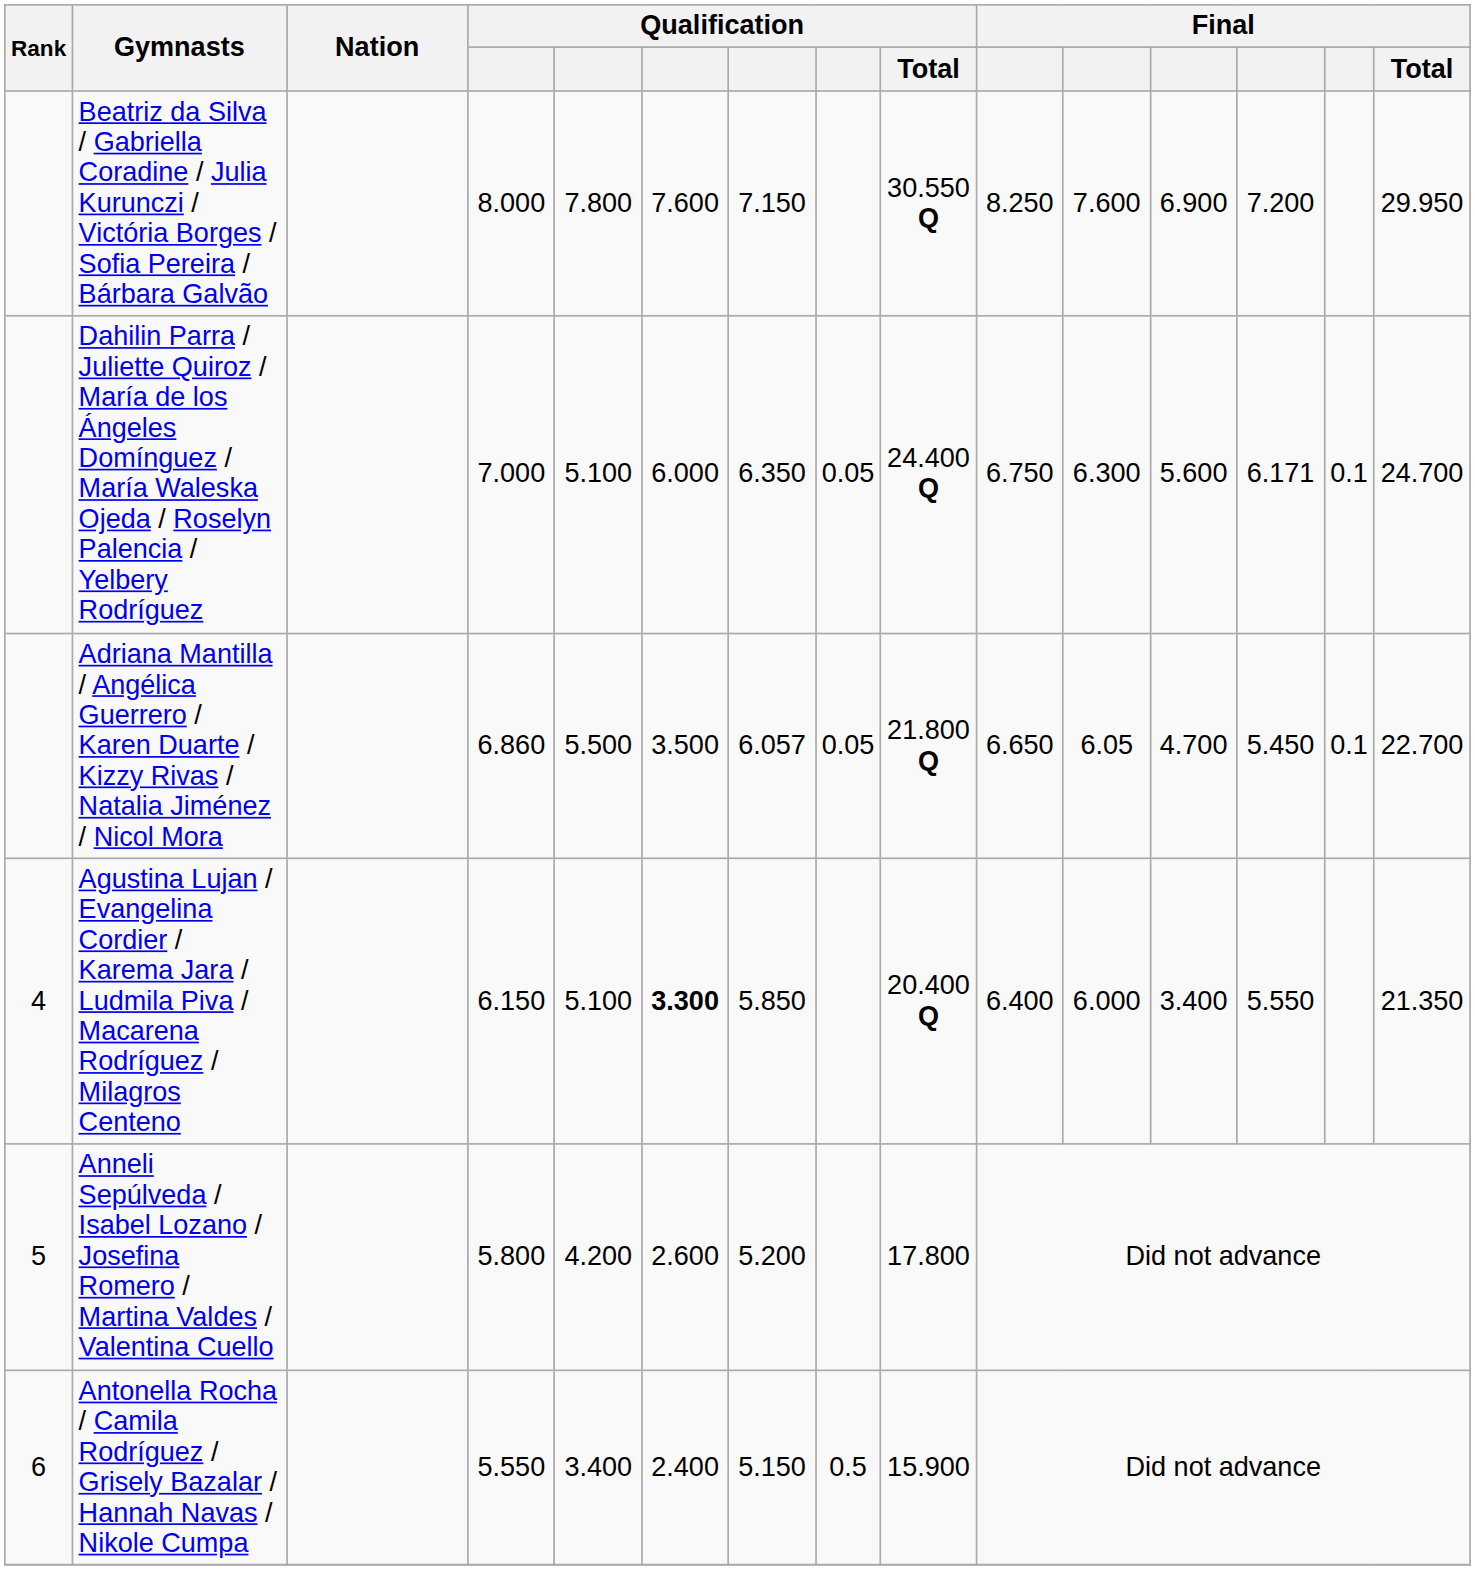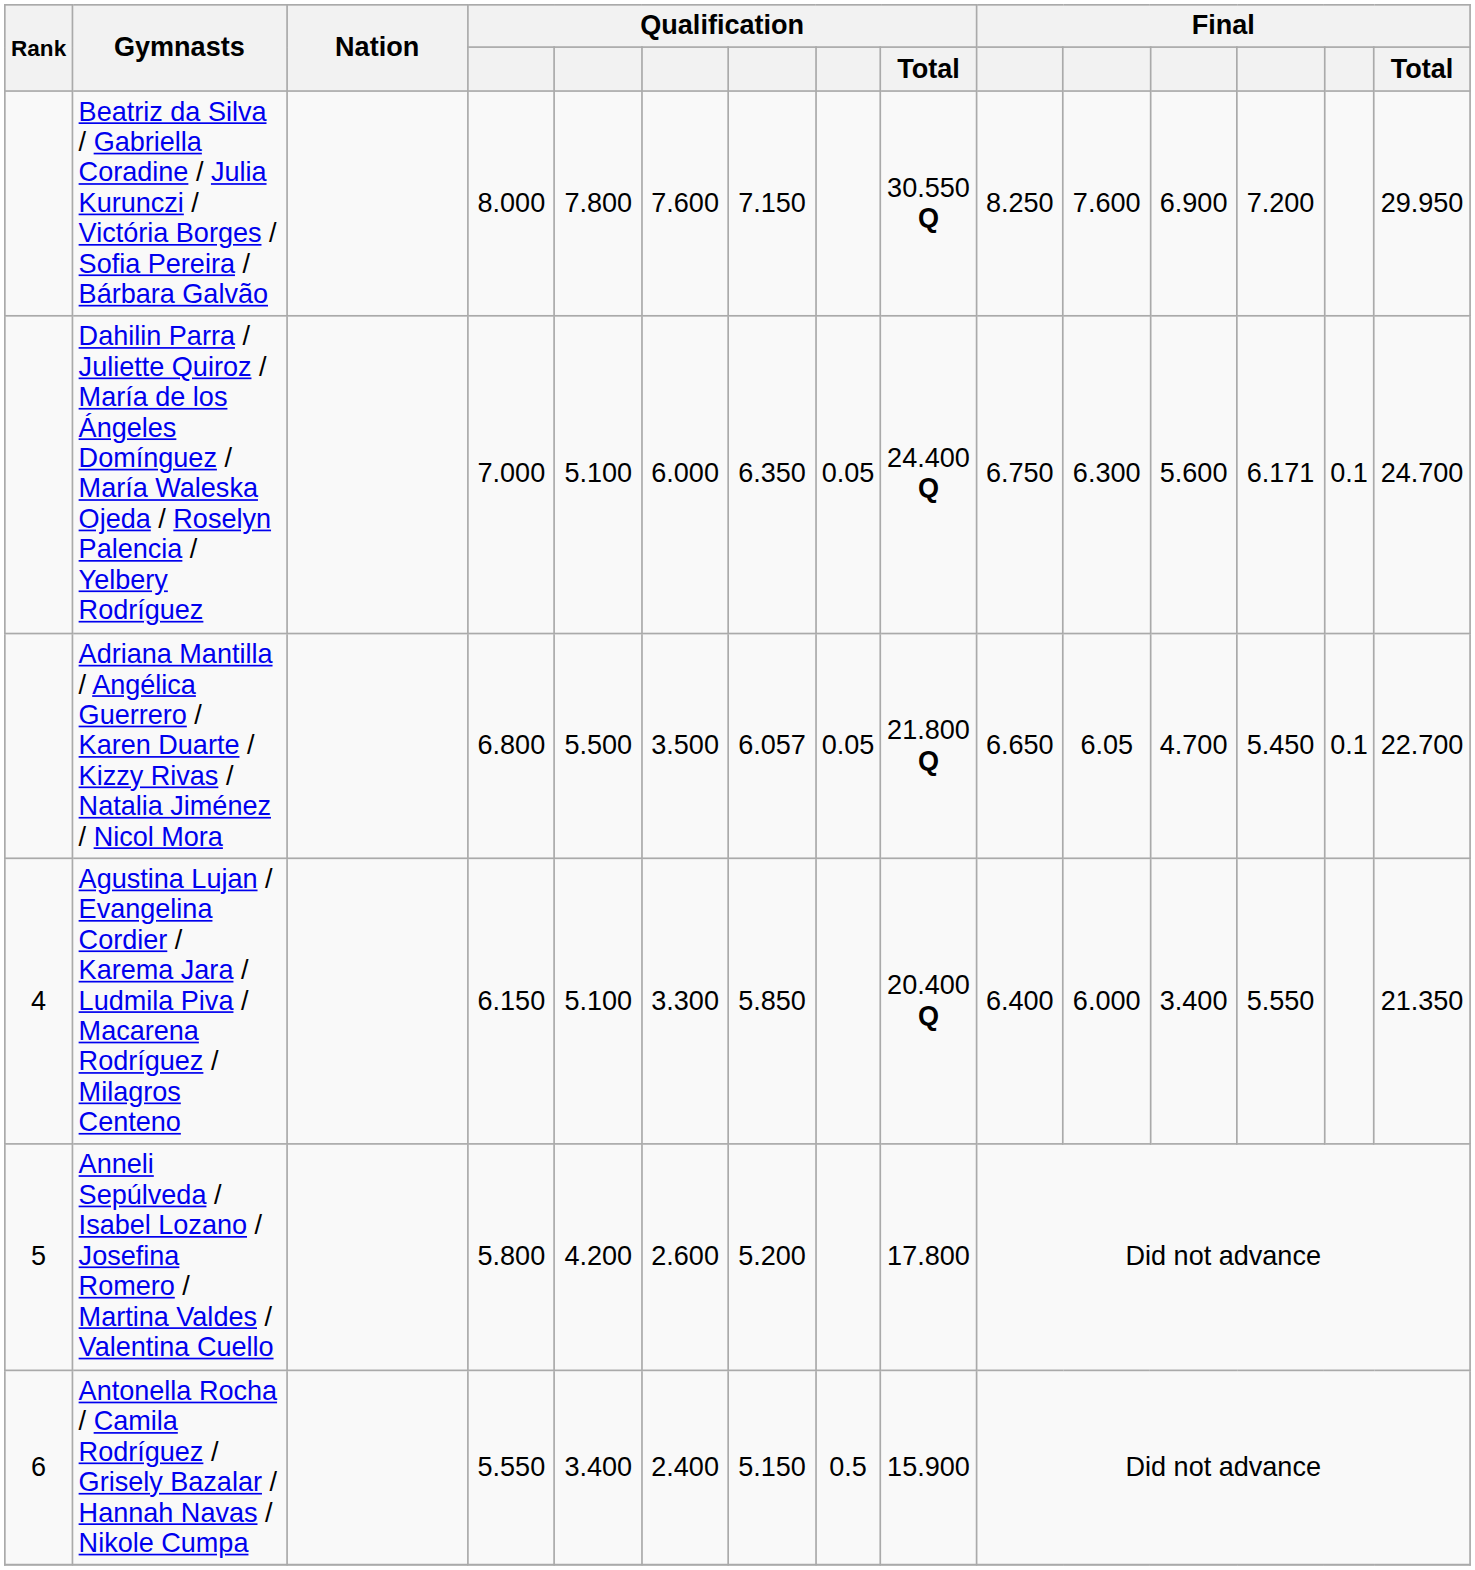 <table style="text-align:center;" class="wikitable sortable">
 <tr>
 <th rowspan="2" scope="col" style="width:15px;"><small>Rank</small></th>
 <th rowspan="2" scope="col" style="width:175px;">Gymnasts</th>
 <th rowspan="2" scope="col" style="width:175px;">Nation</th>
 <th colspan="6" scope="col" style="width:175px;">Qualification</th>
 <th colspan="6" scope="col" style="width:175px;">Final</th>
 </tr>
 <tr>
 <th scope="col" style="width:50px;"><small></small></th>
 <th scope="col" style="width:50px;"><small></small></th>
 <th scope="col" style="width:50px;"><small></small></th>
 <th scope="col" style="width:50px;"><small></small></th>
 <th scope="col" style="width:20px;"><small></small></th>
 <th scope="col" style="width:50px;">Total</th>
 <th scope="col" style="width:50px;"><small></small></th>
 <th scope="col" style="width:50px;"><small></small></th>
 <th scope="col" style="width:50px;"><small></small></th>
 <th scope="col" style="width:50px;"><small></small></th>
 <th scope="col" style="width:20px;"><small></small></th>
 <th scope="col" style="width:50px;">Total</th>
 </tr>
 <tr>
 <td></td>
 <td align=left><a href='#'>Beatriz da Silva</a> / <a href='#'>Gabriella Coradine</a> / <a href='#'>Julia Kurunczi</a> / <a href='#'>Victória Borges</a> / <a href='#'>Sofia Pereira</a> / <a href='#'>Bárbara Galvão</a></td>
 <td align=left></td>
 <td>8.000</td>
 <td>7.800</td>
 <td>7.600</td>
 <td>7.150</td>
 <td></td>
 <td>30.550 <strong>Q</strong></td>
 <td>8.250</td>
 <td>7.600</td>
 <td>6.900</td>
 <td>7.200</td>
 <td></td>
 <td>29.950</td>
 </tr>
 <tr>
 <td></td>
 <td align=left><a href='#'>Dahilin Parra</a> / <a href='#'>Juliette Quiroz</a> / <a href='#'>María de los Ángeles Domínguez</a> / <a href='#'>María Waleska Ojeda</a> / <a href='#'>Roselyn Palencia</a> / <a href='#'>Yelbery Rodríguez</a></td>
 <td align=left></td>
 <td>7.000</td>
 <td>5.100</td>
 <td>6.000</td>
 <td>6.350</td>
 <td>0.05</td>
 <td>24.400 <strong>Q</strong></td>
 <td>6.750</td>
 <td>6.300</td>
 <td>5.600</td>
 <td>6.171</td>
 <td>0.1</td>
 <td>24.700</td>
 </tr>
 <tr>
 <td></td>
 <td align=left><a href='#'>Adriana Mantilla</a> / <a href='#'>Angélica Guerrero</a> / <a href='#'>Karen Duarte</a> / <a href='#'>Kizzy Rivas</a> / <a href='#'>Natalia Jiménez</a> / <a href='#'>Nicol Mora</a></td>
 <td align=left></td>
-<td>6.860</td>
+<td>6.800</td>
 <td>5.500</td>
 <td>3.500</td>
 <td>6.057</td>
 <td>0.05</td>
 <td>21.800 <strong>Q</strong></td>
 <td>6.650</td>
 <td>6.05</td>
 <td>4.700</td>
 <td>5.450</td>
 <td>0.1</td>
 <td>22.700</td>
 </tr>
 <tr>
 <td>4</td>
 <td align=left><a href='#'>Agustina Lujan</a> / <a href='#'>Evangelina Cordier</a> / <a href='#'>Karema Jara</a> / <a href='#'>Ludmila Piva</a> / <a href='#'>Macarena Rodríguez</a> / <a href='#'>Milagros Centeno</a></td>
 <td align=left></td>
 <td>6.150</td>
 <td>5.100</td>
-<td><strong>3.300</strong></td>
+<td>3.300</td>
 <td>5.850</td>
 <td></td>
 <td>20.400 <strong>Q</strong></td>
 <td>6.400</td>
 <td>6.000</td>
 <td>3.400</td>
 <td>5.550</td>
 <td></td>
 <td>21.350</td>
 </tr>
 <tr>
 <td>5</td>
 <td align=left><a href='#'>Anneli Sepúlveda</a> / <a href='#'>Isabel Lozano</a> / <a href='#'>Josefina Romero</a> / <a href='#'>Martina Valdes</a> / <a href='#'>Valentina Cuello</a></td>
 <td align=left></td>
 <td>5.800</td>
 <td>4.200</td>
 <td>2.600</td>
 <td>5.200</td>
 <td></td>
 <td>17.800</td>
 <td colspan="6">Did not advance</td>
 </tr>
 <tr>
 <td>6</td>
 <td align=left><a href='#'>Antonella Rocha</a> / <a href='#'>Camila Rodríguez</a> / <a href='#'>Grisely Bazalar</a> / <a href='#'>Hannah Navas</a> / <a href='#'>Nikole Cumpa</a></td>
 <td align=left></td>
 <td>5.550</td>
 <td>3.400</td>
 <td>2.400</td>
 <td>5.150</td>
 <td>0.5</td>
 <td>15.900</td>
 <td colspan="6">Did not advance</td>
 </tr>
 <tr>
 </tr>
 </table>
